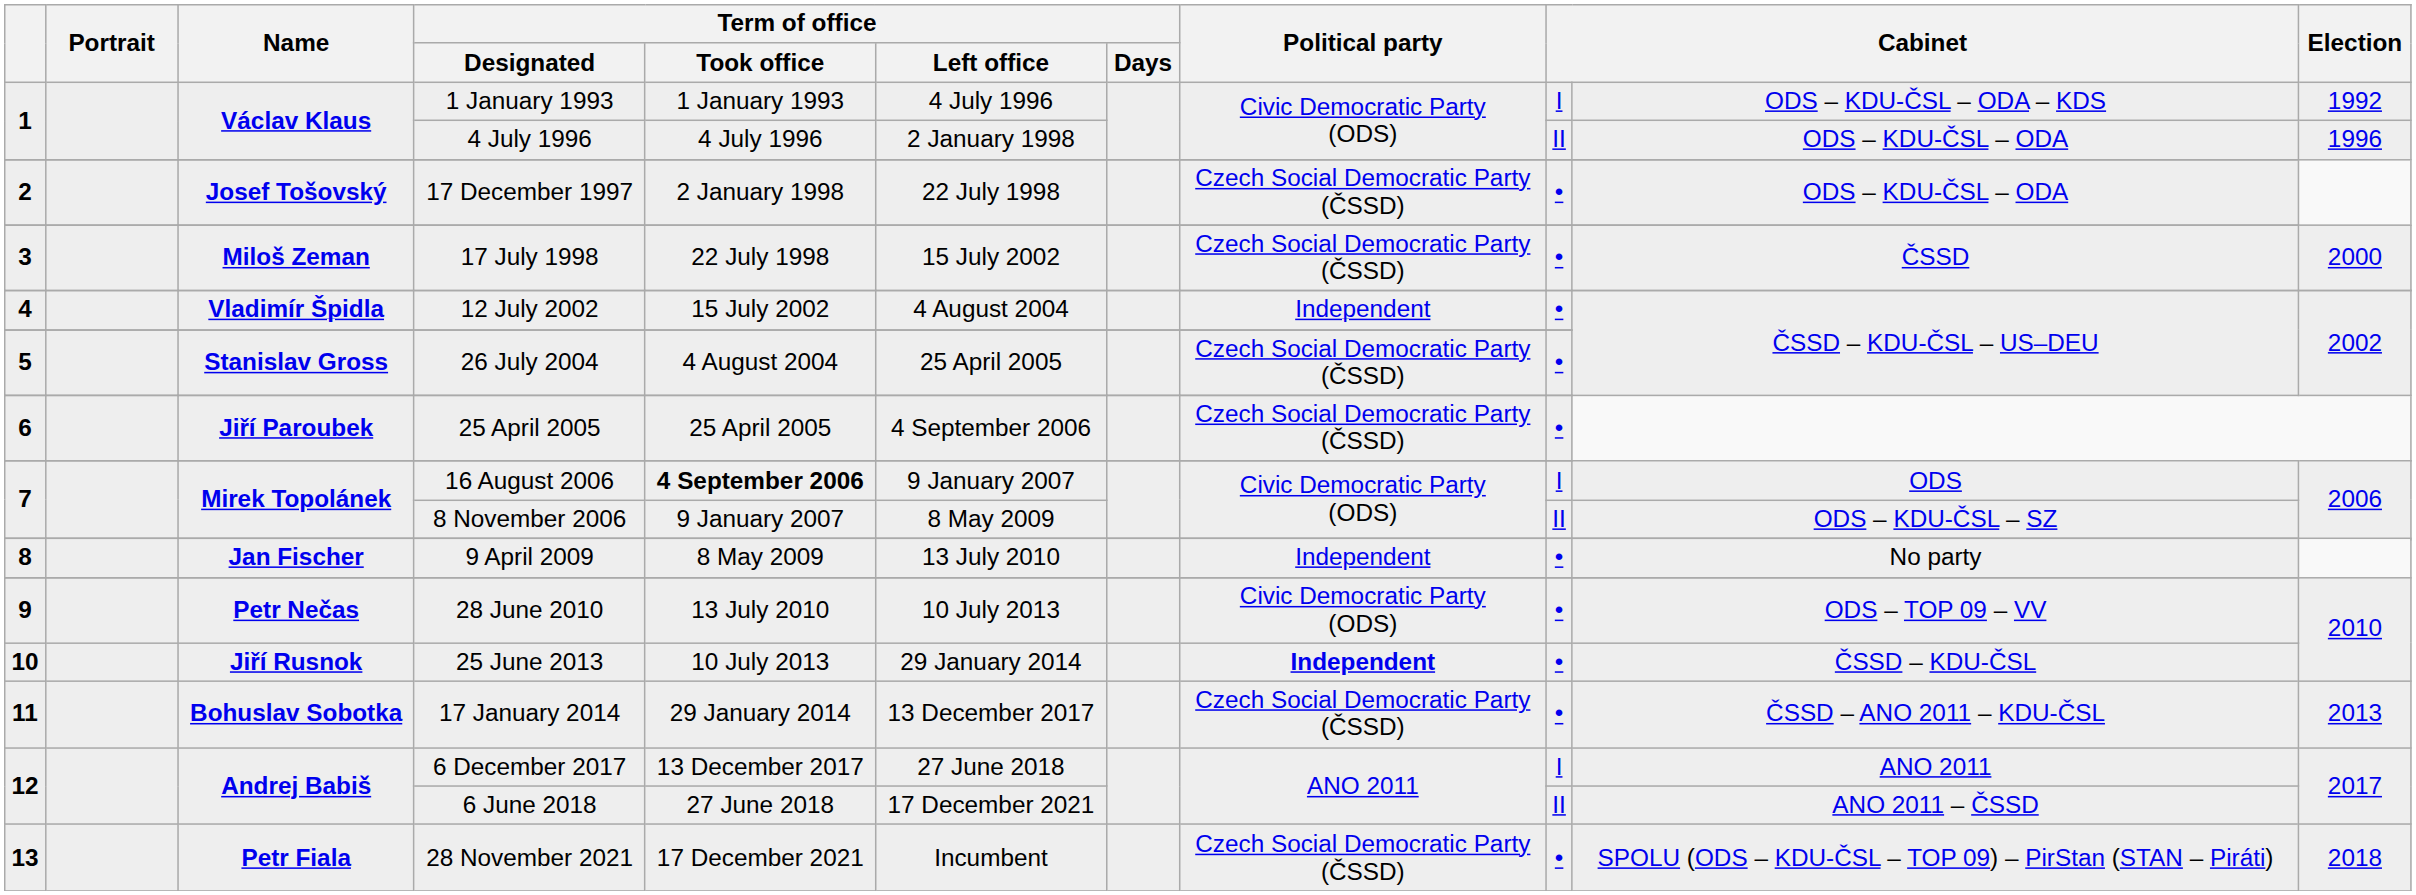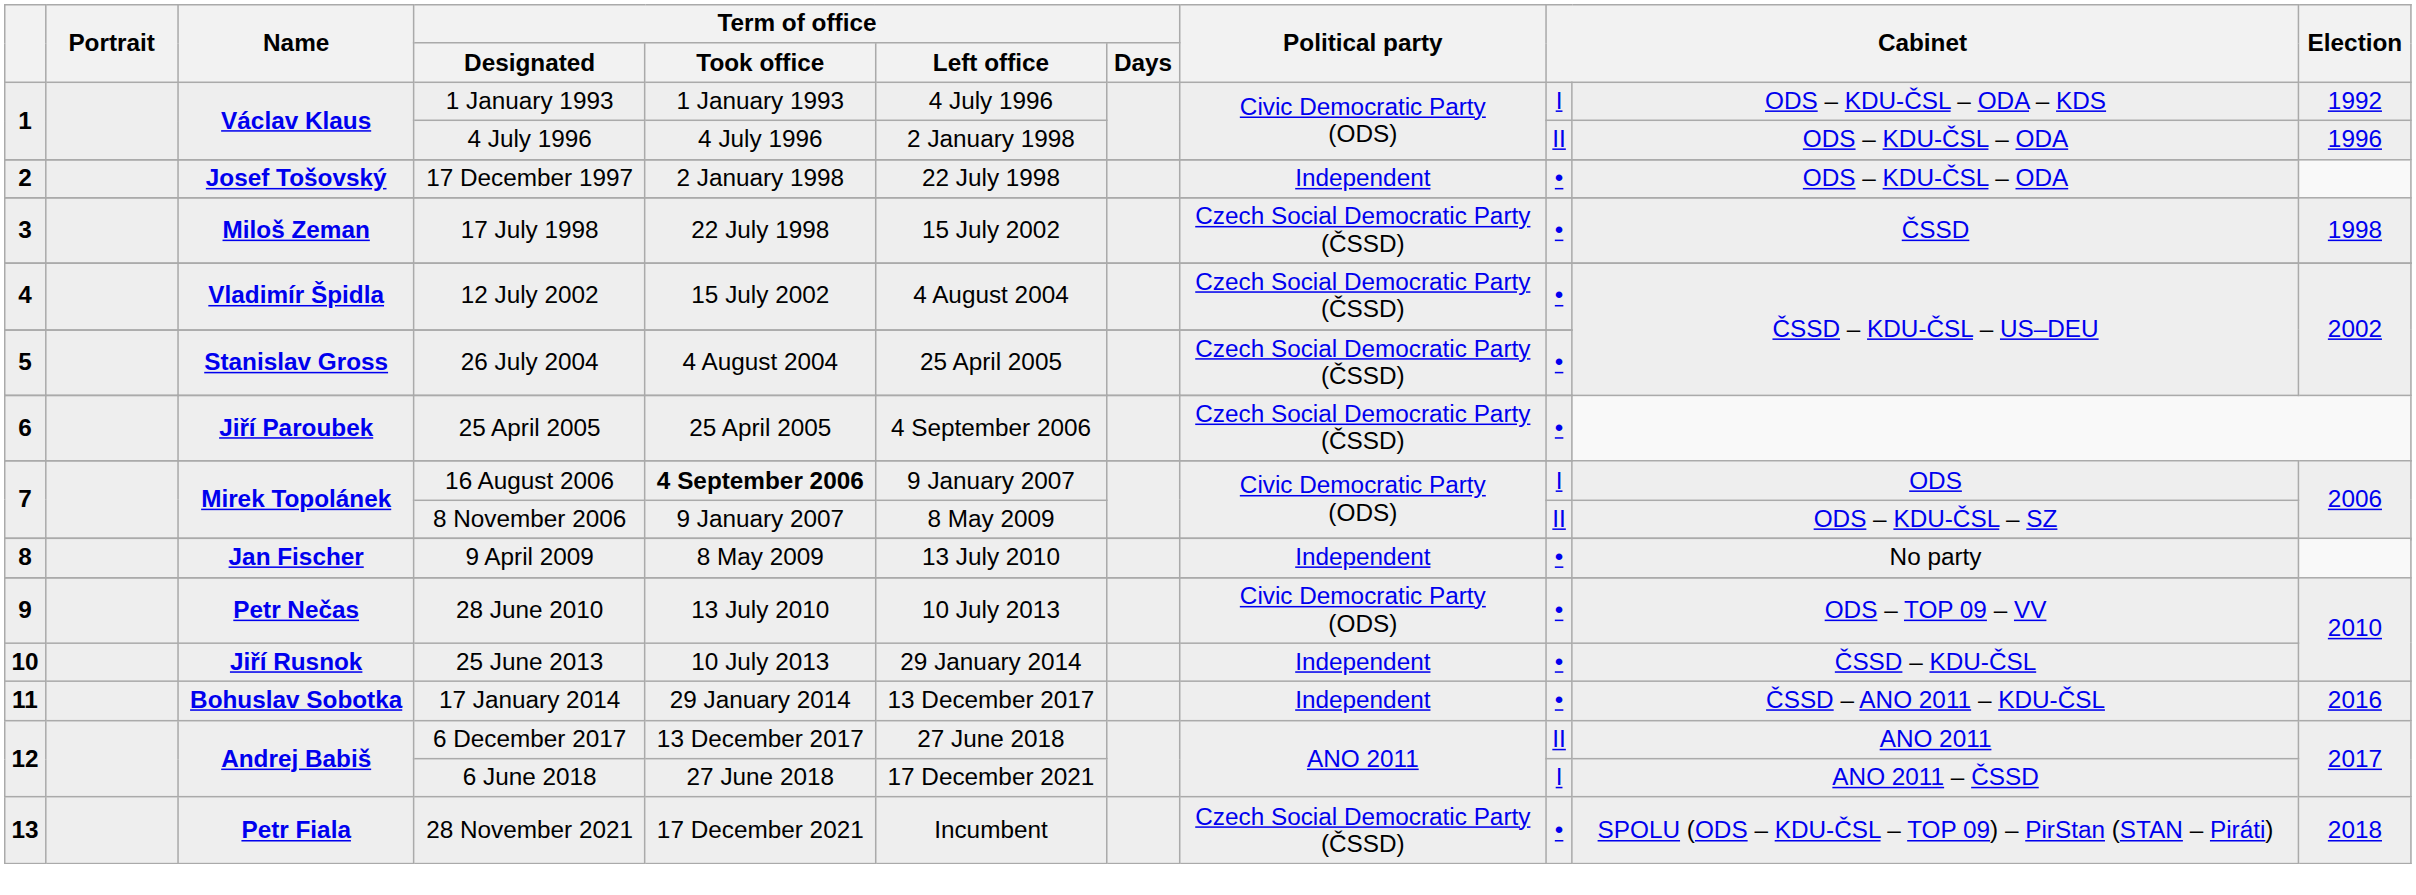 <table class="wikitable" border="1px #AAAAFF solid" style="text-align:center; width:100%">
 <tr>
 <th rowspan=2></th>
 <th width=80 rowspan=2>Portrait</th>
 <th rowspan=2>Name<br></th>
 <th colspan=4>Term of office</th>
 <th rowspan=2>Political party</th>
 <th rowspan=2 colspan=2>Cabinet</th>
 <th rowspan=2>Election</th>
 </tr>
 <tr>
 <th>Designated</th>
 <th>Took office</th>
 <th>Left office</th>
 <th>Days</th>
 </tr>
 <tr style="background:#EEEEEE">
 <td rowspan=2 style="background:"><strong>1</strong></td>
 <td rowspan=2></td>
 <td rowspan=2><strong><a href='#'>Václav Klaus</a></strong><br></td>
 <td>1 January 1993</td>
 <td>1 January 1993</td>
 <td>4 July 1996</td>
 <td rowspan=2></td>
 <td rowspan=2><a href='#'>Civic Democratic Party</a><br>(ODS)</td>
 <td><a href='#'>I</a></td>
 <td><a href='#'>ODS</a> – <a href='#'>KDU-ČSL</a> – <a href='#'>ODA</a> – <a href='#'>KDS</a></td>
 <td><a href='#'>1992</a></td>
 </tr>
 <tr style="background:#EEEEEE">
 <td>4 July 1996</td>
 <td>4 July 1996</td>
 <td>2 January 1998</td>
 <td><a href='#'>II</a></td>
 <td><a href='#'>ODS</a> – <a href='#'>KDU-ČSL</a> – <a href='#'>ODA</a></td>
 <td rowspan=2><a href='#'>1996</a></td>
 </tr>
 <tr>
 </tr>
 <tr style="background:#EEEEEE">
 <td style="background:"><strong>2</strong></td>
 <td></td>
 <td><strong><a href='#'>Josef Tošovský</a></strong><br></td>
 <td>17 December 1997</td>
 <td>2 January 1998</td>
 <td>22 July 1998</td>
 <td></td>
-<td><a href='#'>Czech Social Democratic Party</a><br>(ČSSD)</td>
+<td><a href='#'>Independent</a></td>
 <td><a href='#'>•</a></td>
 <td><a href='#'>ODS</a> – <a href='#'>KDU-ČSL</a> – <a href='#'>ODA</a><br></td>
 </tr>
 <tr>
 </tr>
 <tr style="background:#EEEEEE">
 <td style="background:"><strong>3</strong></td>
 <td></td>
 <td><strong><a href='#'>Miloš Zeman</a></strong><br></td>
 <td>17 July 1998</td>
 <td>22 July 1998</td>
 <td>15 July 2002</td>
 <td></td>
 <td><a href='#'>Czech Social Democratic Party</a><br>(ČSSD)</td>
 <td><a href='#'>•</a></td>
 <td><a href='#'>ČSSD</a></td>
-<td><a href='#'>2000</a></td>
+<td><a href='#'>1998</a></td>
 </tr>
 <tr>
 </tr>
 <tr style="background:#EEEEEE">
 <td style="background:"><strong>4</strong></td>
 <td></td>
 <td><strong><a href='#'>Vladimír Špidla</a></strong><br></td>
 <td>12 July 2002</td>
 <td>15 July 2002</td>
 <td>4 August 2004</td>
 <td></td>
-<td><a href='#'>Independent</a></td>
+<td><a href='#'>Czech Social Democratic Party</a><br>(ČSSD)</td>
 <td><a href='#'>•</a></td>
 <td rowspan=3><a href='#'>ČSSD</a> – <a href='#'>KDU-ČSL</a> – <a href='#'>US–DEU</a></td>
 <td rowspan=3><a href='#'>2002</a></td>
 </tr>
 <tr>
 </tr>
 <tr style="background:#EEEEEE">
 <td style="background:"><strong>5</strong></td>
 <td></td>
 <td><strong><a href='#'>Stanislav Gross</a></strong><br></td>
 <td>26 July 2004</td>
 <td>4 August 2004</td>
 <td>25 April 2005</td>
 <td></td>
 <td><a href='#'>Czech Social Democratic Party</a><br>(ČSSD)</td>
 <td><a href='#'>•</a></td>
 </tr>
 <tr>
 </tr>
 <tr style="background:#EEEEEE">
 <td style="background:"><strong>6</strong></td>
 <td></td>
 <td><strong><a href='#'>Jiří Paroubek</a></strong><br></td>
 <td>25 April 2005</td>
 <td>25 April 2005</td>
 <td>4 September 2006</td>
 <td></td>
 <td><a href='#'>Czech Social Democratic Party</a><br>(ČSSD)</td>
 <td><a href='#'>•</a></td>
 </tr>
 <tr>
 </tr>
 <tr style="background:#EEEEEE">
 <td rowspan=2 style="background:"><strong>7</strong></td>
 <td rowspan=2></td>
 <td rowspan=2><strong><a href='#'>Mirek Topolánek</a></strong><br></td>
 <td>16 August 2006</td>
 <td><strong>4 September 2006</strong></td>
 <td>9 January 2007</td>
 <td rowspan=2></td>
 <td rowspan=2><a href='#'>Civic Democratic Party</a><br>(ODS)</td>
 <td><a href='#'>I</a></td>
 <td><a href='#'>ODS</a></td>
 <td rowspan=3><a href='#'>2006</a></td>
 </tr>
 <tr style="background:#EEEEEE">
 <td>8 November 2006</td>
 <td>9 January 2007</td>
 <td>8 May 2009</td>
 <td><a href='#'>II</a></td>
 <td><a href='#'>ODS</a> – <a href='#'>KDU-ČSL</a> – <a href='#'>SZ</a></td>
 </tr>
 <tr>
 </tr>
 <tr style="background:#EEEEEE">
 <td style="background:"><strong>8</strong></td>
 <td></td>
 <td><strong><a href='#'>Jan Fischer</a></strong><br></td>
 <td>9 April 2009</td>
 <td>8 May 2009</td>
 <td>13 July 2010</td>
 <td></td>
 <td><a href='#'>Independent</a></td>
 <td><a href='#'>•</a></td>
 <td>No party</td>
 </tr>
 <tr>
 </tr>
 <tr style="background:#EEEEEE">
 <td style="background:"><strong>9</strong></td>
 <td></td>
 <td><strong><a href='#'>Petr Nečas</a></strong><br></td>
 <td>28 June 2010</td>
 <td>13 July 2010</td>
 <td>10 July 2013</td>
 <td></td>
 <td><a href='#'>Civic Democratic Party</a><br>(ODS)</td>
 <td><a href='#'>•</a></td>
 <td><a href='#'>ODS</a> – <a href='#'>TOP 09</a> – <a href='#'>VV</a><br></td>
 <td rowspan=2><a href='#'>2010</a></td>
 </tr>
 <tr style="background:#EEEEEE">
 <td style="background:"><strong>10</strong></td>
 <td></td>
 <td><strong><a href='#'>Jiří Rusnok</a></strong><br></td>
 <td>25 June 2013</td>
 <td>10 July 2013</td>
 <td>29 January 2014</td>
 <td></td>
-<td><strong><a href='#'>Independent</a></strong></td>
+<td><a href='#'>Independent</a></td>
 <td><a href='#'>•</a></td>
 <td><a href='#'>ČSSD</a> – <a href='#'>KDU-ČSL</a><br></td>
 </tr>
 <tr style="background:#EEEEEE">
 <td style="background:"><strong>11</strong></td>
 <td></td>
 <td><strong><a href='#'>Bohuslav Sobotka</a></strong><br></td>
 <td>17 January 2014</td>
 <td>29 January 2014</td>
 <td>13 December 2017</td>
 <td></td>
-<td><a href='#'>Czech Social Democratic Party</a><br>(ČSSD)</td>
+<td><a href='#'>Independent</a></td>
 <td><a href='#'>•</a></td>
 <td><a href='#'>ČSSD</a> – <a href='#'>ANO 2011</a> – <a href='#'>KDU-ČSL</a></td>
-<td><a href='#'>2013</a></td>
+<td><a href='#'>2016</a></td>
 </tr>
 <tr style="background:#EEEEEE">
 <td rowspan=2 style="background:"><strong>12</strong></td>
 <td rowspan=2></td>
 <td rowspan=2><strong><a href='#'>Andrej Babiš</a></strong><br></td>
 <td>6 December 2017</td>
 <td>13 December 2017</td>
 <td>27 June 2018</td>
 <td rowspan=2></td>
 <td rowspan=2><a href='#'>ANO 2011</a></td>
-<td><a href='#'>I</a></td>
+<td><a href='#'>II</a></td>
 <td><a href='#'>ANO 2011</a></td>
 <td rowspan=2><a href='#'>2017</a></td>
 </tr>
 <tr style="background:#EEEEEE">
 <td>6 June 2018</td>
 <td>27 June 2018</td>
 <td>17 December 2021</td>
-<td><a href='#'>II</a></td>
+<td><a href='#'>I</a></td>
 <td><a href='#'>ANO 2011</a> – <a href='#'>ČSSD</a></td>
 </tr>
 <tr style="background:#EEEEEE">
 <td style="background:"><strong>13</strong></td>
 <td></td>
 <td><strong><a href='#'>Petr Fiala</a></strong><br></td>
 <td>28 November 2021</td>
 <td>17 December 2021</td>
 <td>Incumbent</td>
 <td></td>
 <td><a href='#'>Czech Social Democratic Party</a><br>(ČSSD)</td>
 <td><a href='#'>•</a></td>
 <td><a href='#'>SPOLU</a> (<a href='#'>ODS</a> – <a href='#'>KDU-ČSL</a> – <a href='#'>TOP 09</a>) – <a href='#'>PirStan</a> (<a href='#'>STAN</a> – <a href='#'>Piráti</a>)</td>
 <td><a href='#'>2018</a></td>
 </tr>
 </table>
